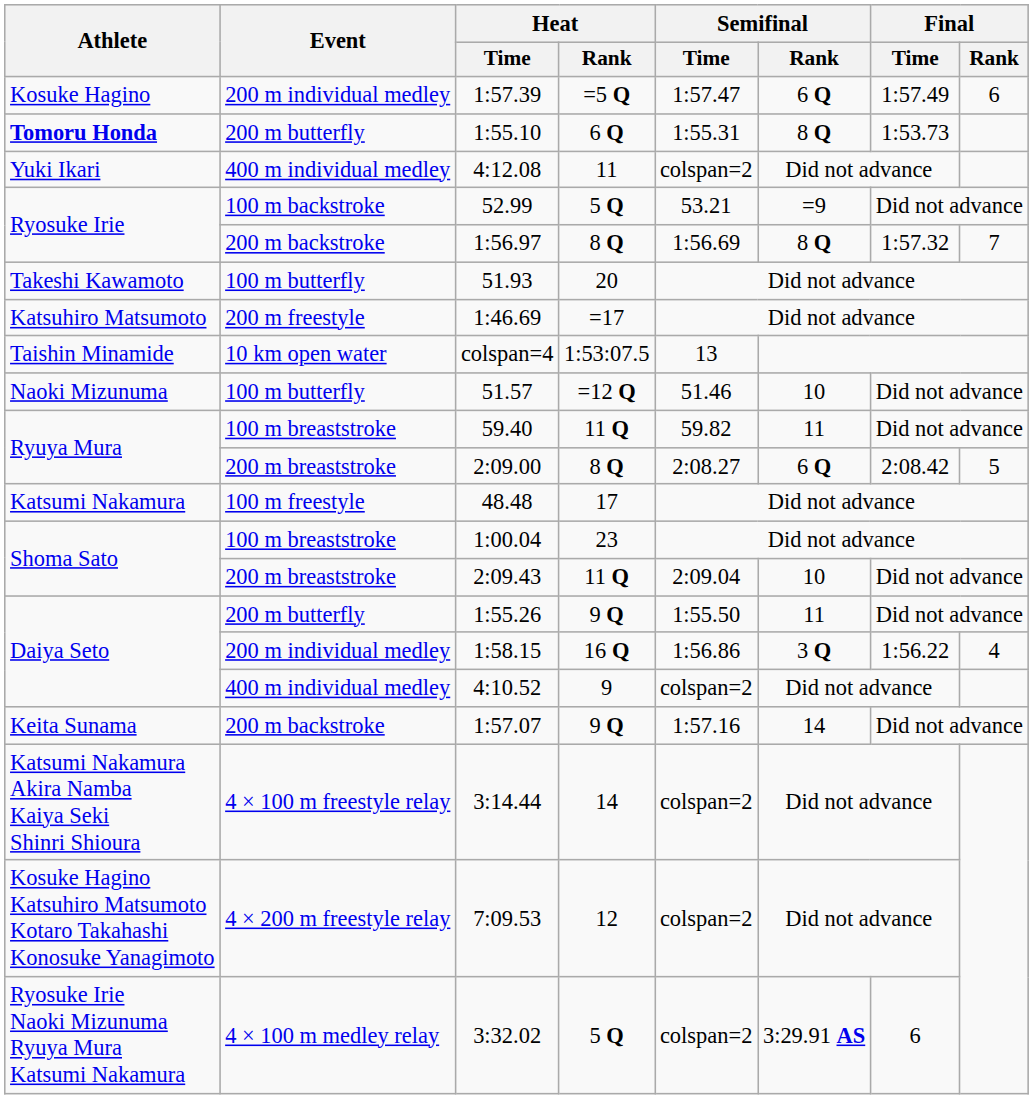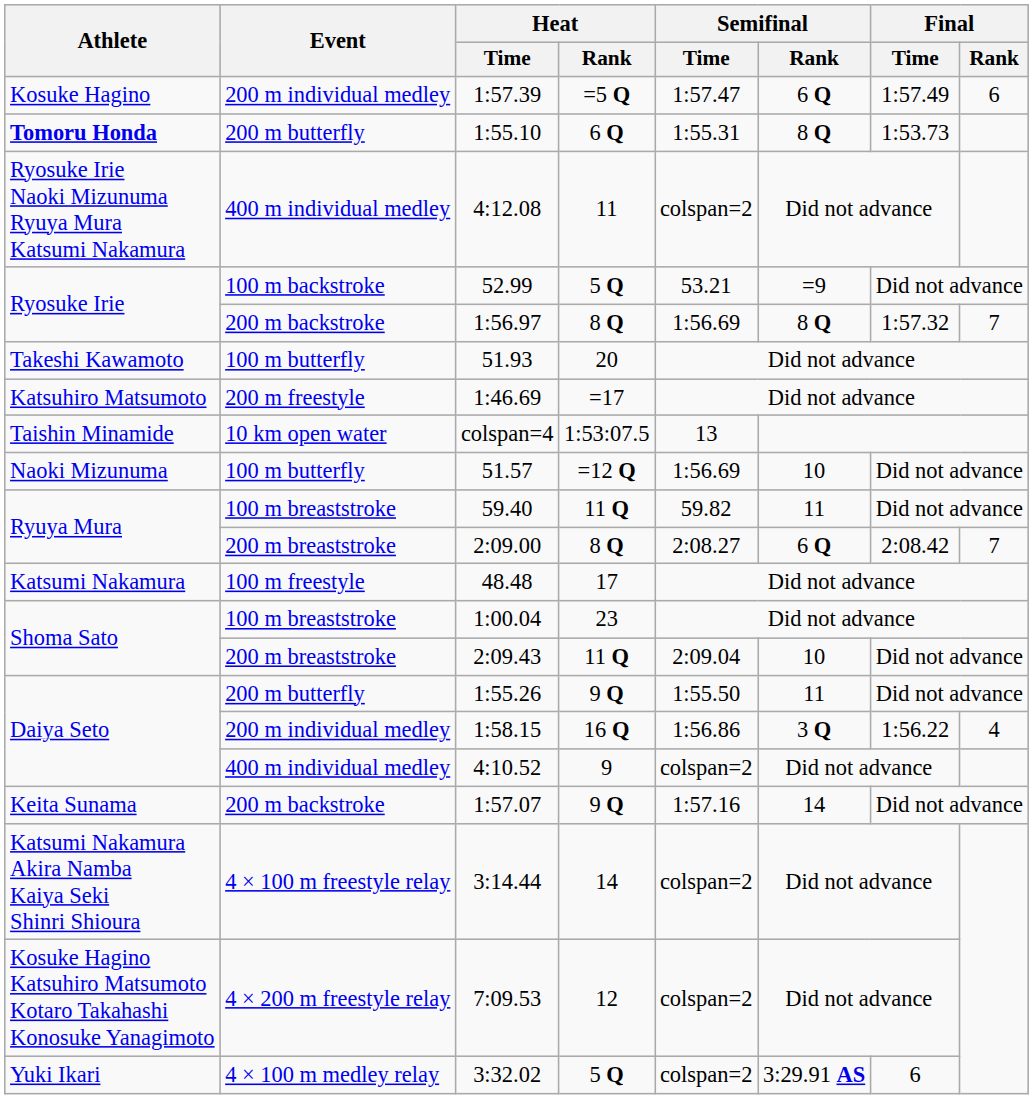 <table class=wikitable style="font-size:90%">
 <tr>
 <th rowspan="2">Athlete</th>
 <th rowspan="2">Event</th>
 <th colspan="2">Heat</th>
 <th colspan="2">Semifinal</th>
 <th colspan="2">Final</th>
 </tr>
 <tr style="font-size:95%">
 <th>Time</th>
 <th>Rank</th>
 <th>Time</th>
 <th>Rank</th>
 <th>Time</th>
 <th>Rank</th>
 </tr>
 <tr align=center>
 <td align=left><a href='#'>Kosuke Hagino</a></td>
 <td align=left><a href='#'>200 m individual medley</a></td>
 <td>1:57.39</td>
 <td>=5 <strong>Q</strong></td>
 <td>1:57.47</td>
 <td>6 <strong>Q</strong></td>
 <td>1:57.49</td>
 <td>6</td>
 </tr>
 <tr align=center>
 <td align=left><strong><a href='#'>Tomoru Honda</a></strong></td>
 <td align=left><a href='#'>200 m butterfly</a></td>
 <td>1:55.10</td>
 <td>6 <strong>Q</strong></td>
 <td>1:55.31</td>
 <td>8 <strong>Q</strong></td>
 <td>1:53.73</td>
 <td></td>
 </tr>
 <tr align=center>
-<td align=left><a href='#'>Yuki Ikari</a></td>
+<td align=left><a href='#'>Ryosuke Irie</a><br><a href='#'>Naoki Mizunuma</a><br><a href='#'>Ryuya Mura</a><br><a href='#'>Katsumi Nakamura</a></td>
 <td align=left><a href='#'>400 m individual medley</a></td>
 <td>4:12.08</td>
 <td>11</td>
 <td>colspan=2 </td>
 <td colspan="2">Did not advance</td>
 </tr>
 <tr align=center>
 <td align=left rowspan=2><a href='#'>Ryosuke Irie</a></td>
 <td align=left><a href='#'>100 m backstroke</a></td>
 <td>52.99</td>
 <td>5 <strong>Q</strong></td>
 <td>53.21</td>
 <td>=9</td>
 <td colspan="2">Did not advance</td>
 </tr>
 <tr align=center>
 <td align=left><a href='#'>200 m backstroke</a></td>
 <td>1:56.97</td>
 <td>8 <strong>Q</strong></td>
 <td>1:56.69</td>
 <td>8 <strong>Q</strong></td>
 <td>1:57.32</td>
 <td>7</td>
 </tr>
 <tr align=center>
 <td align=left><a href='#'>Takeshi Kawamoto</a></td>
 <td align=left><a href='#'>100 m butterfly</a></td>
 <td>51.93</td>
 <td>20</td>
 <td colspan="4">Did not advance</td>
 </tr>
 <tr align=center>
 <td align=left><a href='#'>Katsuhiro Matsumoto</a></td>
 <td align=left><a href='#'>200 m freestyle</a></td>
 <td>1:46.69</td>
 <td>=17</td>
 <td colspan="4">Did not advance</td>
 </tr>
 <tr align=center>
 <td align=left><a href='#'>Taishin Minamide</a></td>
 <td align=left><a href='#'>10 km open water</a></td>
 <td>colspan=4 </td>
 <td>1:53:07.5</td>
 <td>13</td>
 </tr>
 <tr align=center>
 <td align=left><a href='#'>Naoki Mizunuma</a></td>
 <td align=left><a href='#'>100 m butterfly</a></td>
 <td>51.57</td>
 <td>=12 <strong>Q</strong></td>
-<td>51.46</td>
+<td>1:56.69</td>
 <td>10</td>
 <td colspan="2">Did not advance</td>
 </tr>
 <tr align=center>
 <td align=left rowspan=2><a href='#'>Ryuya Mura</a></td>
 <td align=left><a href='#'>100 m breaststroke</a></td>
 <td>59.40</td>
 <td>11 <strong>Q</strong></td>
 <td>59.82</td>
 <td>11</td>
 <td colspan="2">Did not advance</td>
 </tr>
 <tr align=center>
 <td align=left><a href='#'>200 m breaststroke</a></td>
 <td>2:09.00</td>
 <td>8 <strong>Q</strong></td>
 <td>2:08.27</td>
 <td>6 <strong>Q</strong></td>
 <td>2:08.42</td>
-<td>5</td>
+<td>7</td>
 </tr>
 <tr align=center>
 <td align=left><a href='#'>Katsumi Nakamura</a></td>
 <td align=left><a href='#'>100 m freestyle</a></td>
 <td>48.48</td>
 <td>17</td>
 <td colspan="4">Did not advance</td>
 </tr>
 <tr align=center>
 <td align=left rowspan=2><a href='#'>Shoma Sato</a></td>
 <td align=left><a href='#'>100 m breaststroke</a></td>
 <td>1:00.04</td>
 <td>23</td>
 <td colspan="4">Did not advance</td>
 </tr>
 <tr align=center>
 <td align=left><a href='#'>200 m breaststroke</a></td>
 <td>2:09.43</td>
 <td>11 <strong>Q</strong></td>
 <td>2:09.04</td>
 <td>10</td>
 <td colspan="2">Did not advance</td>
 </tr>
 <tr align=center>
 <td align=left rowspan=3><a href='#'>Daiya Seto</a></td>
 <td align=left><a href='#'>200 m butterfly</a></td>
 <td>1:55.26</td>
 <td>9 <strong>Q</strong></td>
 <td>1:55.50</td>
 <td>11</td>
 <td colspan="2">Did not advance</td>
 </tr>
 <tr align=center>
 <td align=left><a href='#'>200 m individual medley</a></td>
 <td>1:58.15</td>
 <td>16 <strong>Q</strong></td>
 <td>1:56.86</td>
 <td>3 <strong>Q</strong></td>
 <td>1:56.22</td>
 <td>4</td>
 </tr>
 <tr align=center>
 <td align=left><a href='#'>400 m individual medley</a></td>
 <td>4:10.52</td>
 <td>9</td>
 <td>colspan=2 </td>
 <td colspan="2">Did not advance</td>
 </tr>
 <tr align=center>
 <td align=left><a href='#'>Keita Sunama</a></td>
 <td align=left><a href='#'>200 m backstroke</a></td>
 <td>1:57.07</td>
 <td>9 <strong>Q</strong></td>
 <td>1:57.16</td>
 <td>14</td>
 <td colspan="2">Did not advance</td>
 </tr>
 <tr align=center>
 <td align=left><a href='#'>Katsumi Nakamura</a><br><a href='#'>Akira Namba</a><br><a href='#'>Kaiya Seki</a><br><a href='#'>Shinri Shioura</a></td>
 <td align=left><a href='#'>4 × 100 m freestyle relay</a></td>
 <td>3:14.44</td>
 <td>14</td>
 <td>colspan=2 </td>
 <td colspan="2">Did not advance</td>
 </tr>
 <tr align=center>
 <td align=left><a href='#'>Kosuke Hagino</a><br><a href='#'>Katsuhiro Matsumoto</a><br><a href='#'>Kotaro Takahashi</a><br><a href='#'>Konosuke Yanagimoto</a></td>
 <td align=left><a href='#'>4 × 200 m freestyle relay</a></td>
 <td>7:09.53</td>
 <td>12</td>
 <td>colspan=2 </td>
 <td colspan="2">Did not advance</td>
 </tr>
 <tr align=center>
-<td align=left><a href='#'>Ryosuke Irie</a><br><a href='#'>Naoki Mizunuma</a><br><a href='#'>Ryuya Mura</a><br><a href='#'>Katsumi Nakamura</a></td>
+<td align=left><a href='#'>Yuki Ikari</a></td>
 <td align=left><a href='#'>4 × 100 m medley relay</a></td>
 <td>3:32.02</td>
 <td>5 <strong>Q</strong></td>
 <td>colspan=2 </td>
 <td>3:29.91 <strong><a href='#'>AS</a></strong></td>
 <td>6</td>
 </tr>
 </table>
